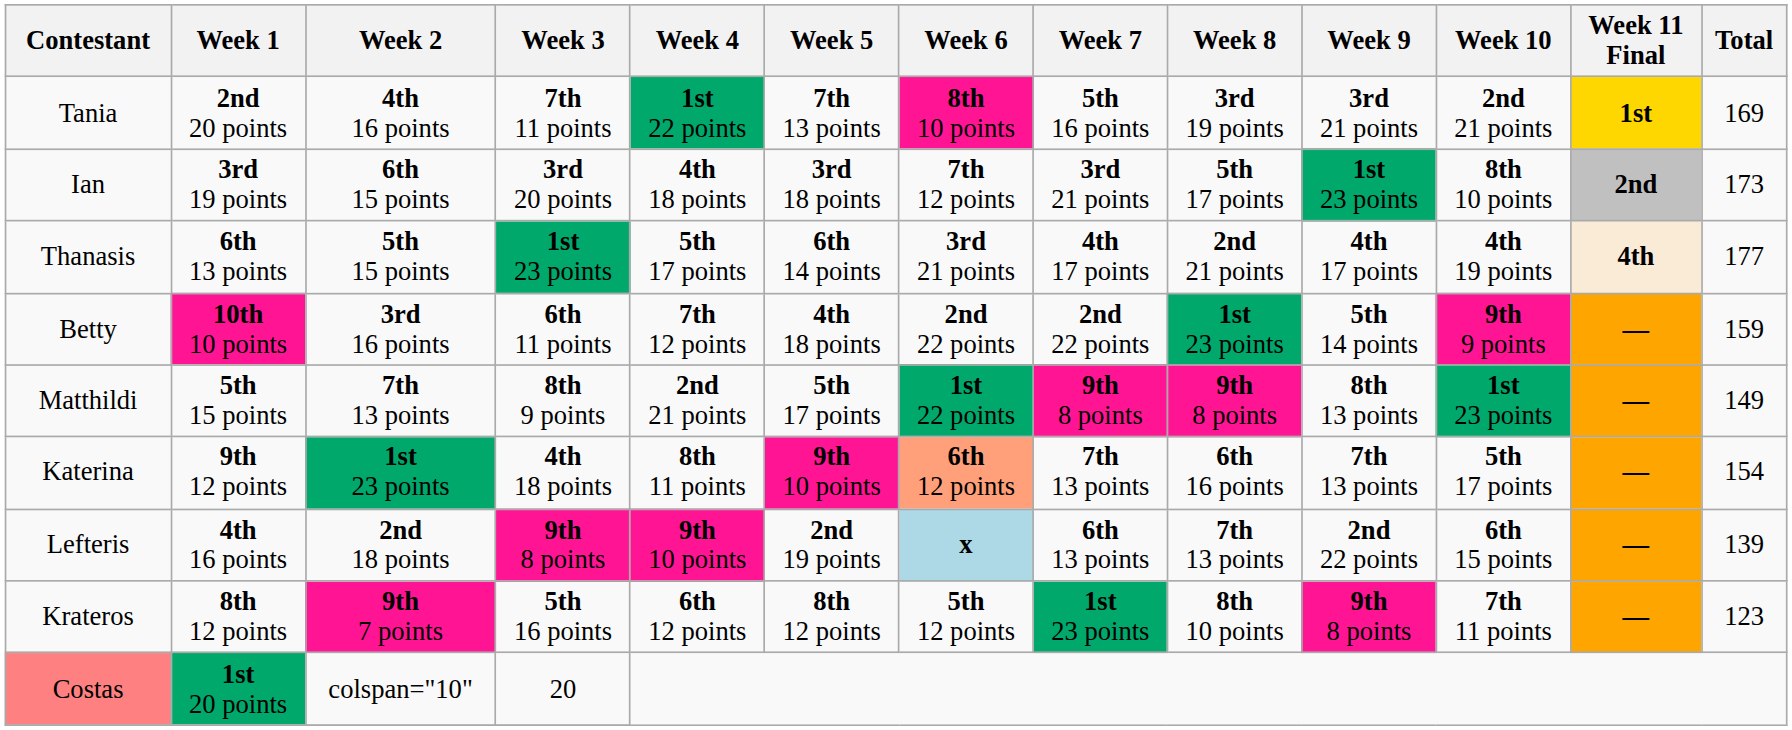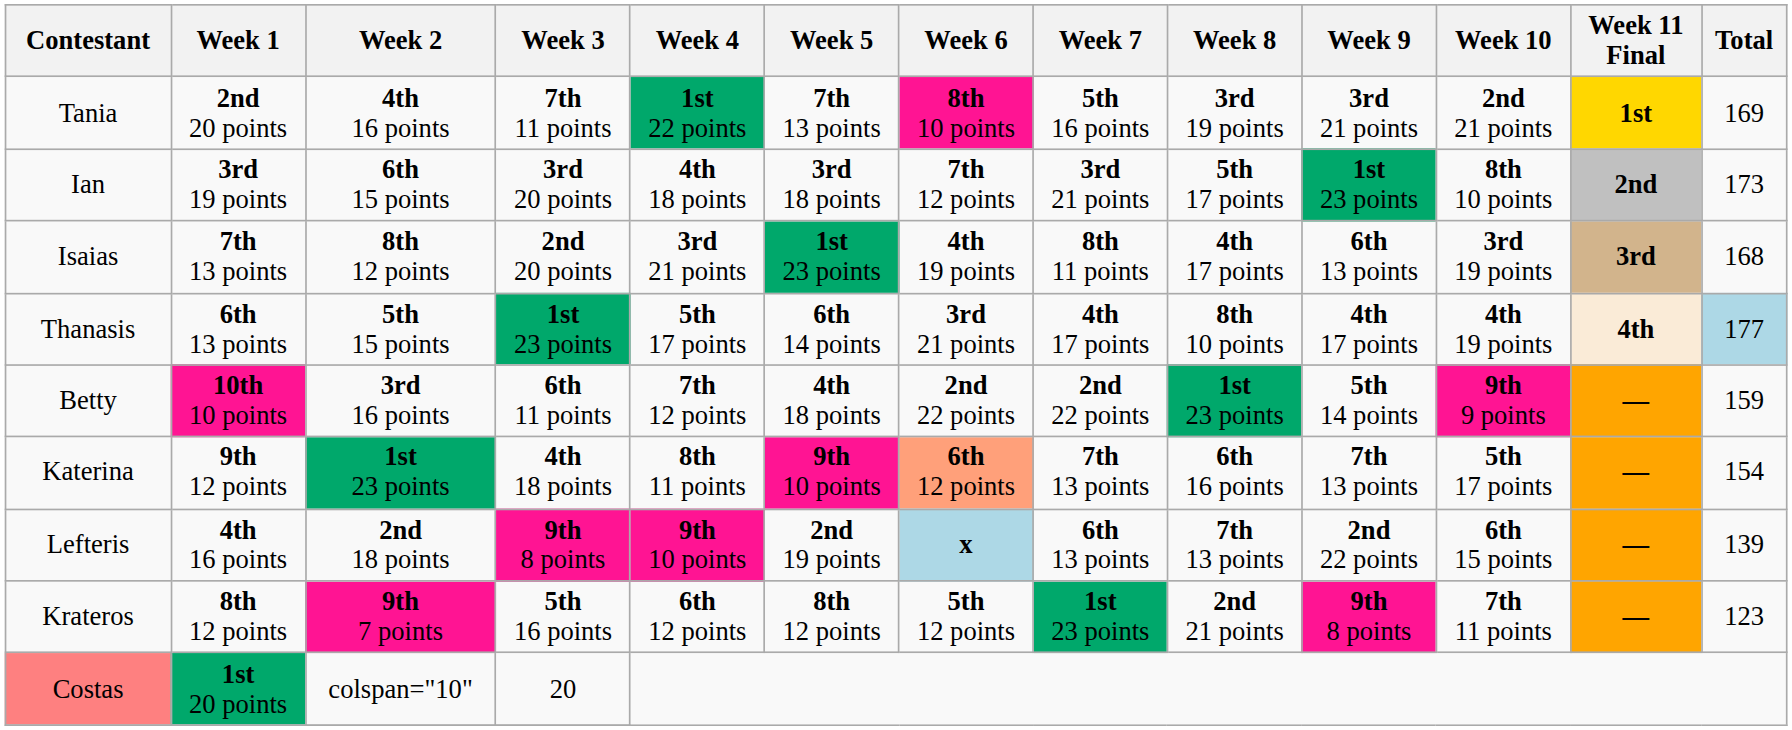 <table class="sortable wikitable" style="margin:auto; text-align:center; white-space:nowrap; width:85%;">
 <tr>
 <th>Contestant</th>
 <th>Week 1</th>
 <th>Week 2</th>
 <th>Week 3</th>
 <th>Week 4</th>
 <th>Week 5</th>
 <th>Week 6</th>
 <th>Week 7</th>
 <th>Week 8</th>
 <th>Week 9</th>
 <th>Week 10</th>
 <th>Week 11<br>Final</th>
 <th>Total</th>
 </tr>
 <tr>
 <td>Tania</td>
 <td><strong>2nd</strong><br>20 points</td>
 <td><strong>4th</strong><br> 16 points</td>
 <td><strong>7th</strong><br> 11 points</td>
 <td bgcolor="#00A86B"><strong>1st</strong><br>22 points</td>
 <td><strong>7th</strong><br> 13 points</td>
 <td bgcolor="deeppink"><strong>8th</strong><br>10 points</td>
 <td><strong>5th</strong><br>16 points</td>
 <td><strong>3rd</strong><br>19 points</td>
 <td><strong>3rd</strong> <br>21 points</td>
 <td><strong>2nd</strong> <br>  21 points</td>
 <td bgcolor="#ffd700"><strong>1st</strong> <br></td>
 <td>169</td>
 </tr>
 <tr>
 <td>Ian</td>
 <td><strong>3rd</strong><br>19 points</td>
 <td><strong>6th</strong> <br>15 points</td>
 <td><strong>3rd</strong><br> 20 points</td>
 <td><strong>4th</strong><br> 18 points</td>
 <td><strong>3rd</strong><br> 18 points</td>
 <td><strong>7th</strong><br>12 points</td>
 <td><strong>3rd</strong><br>21 points</td>
 <td><strong>5th</strong><br>17 points</td>
 <td Bgcolor="00A86B"><strong>1st</strong><br>23 points</td>
 <td><strong>8th</strong> <br>  10 points</td>
 <td bgcolor="#C0C0C0"><strong>2nd</strong> <br></td>
 <td>173</td>
 </tr>
 <tr>
+<td>Isaias</td>
+<td><strong>7th</strong><br>13 points</td>
+<td><strong>8th</strong><br>12 points</td>
+<td><strong>2nd</strong><br>20 points</td>
+<td><strong>3rd</strong><br>21 points</td>
+<td bgcolor="#00A86B"><strong>1st</strong><br>23 points</td>
+<td><strong>4th</strong> <br>19 points</td>
+<td><strong>8th</strong><br>11 points</td>
+<td><strong>4th</strong><br>17 points</td>
+<td><strong>6th</strong> <br>13 points</td>
+<td><strong>3rd</strong> <br>  19 points</td>
+<td bgcolor="#d2b48c"><strong>3rd</strong> <br></td>
+<td>168</td>
+</tr>
+<tr>
 <td>Thanasis</td>
 <td><strong>6th</strong><br>13 points</td>
 <td><strong>5th</strong><br> 15 points</td>
 <td Bgcolor="00A86B"><strong>1st</strong> <br> 23 points</td>
 <td><strong>5th</strong><br> 17 points</td>
 <td><strong>6th</strong><br> 14 points</td>
 <td><strong>3rd</strong> <br>21 points</td>
 <td><strong>4th</strong><br>17 points</td>
-<td><strong>2nd</strong><br>21 points</td>
+<td><strong>8th</strong><br>10 points</td>
 <td><strong>4th</strong> <br>17 points</td>
 <td><strong>4th</strong> <br> 19 points</td>
 <td bgcolor=antiquewhite><strong>4th</strong></td>
-<td>177</td>
+<td style="background: lightblue;">177</td>
 </tr>
 <tr>
 <td>Betty</td>
 <td bgcolor="deeppink"><strong>10th</strong><br>10 points</td>
 <td><strong>3rd</strong><br> 16 points</td>
 <td><strong>6th</strong><br> 11 points</td>
 <td><strong>7th</strong><br> 12 points</td>
 <td><strong>4th</strong><br> 18 points</td>
 <td><strong>2nd</strong> <br>22 points</td>
 <td><strong>2nd</strong><br>22 points</td>
 <td bgcolor="00A86B"><strong>1st</strong><br>23 points</td>
 <td><strong>5th</strong> <br>14 points</td>
 <td Bgcolor="deeppink"><strong>9th</strong> <br>  9 points</td>
 <td data-sort-value="5" bgcolor="orange"><strong>—</strong></td>
 <td>159</td>
-</tr>
-<tr>
-<td>Matthildi</td>
-<td><strong>5th</strong><br>15 points</td>
-<td><strong>7th</strong><br>13 points</td>
-<td><strong>8th</strong><br>9 points</td>
-<td><strong>2nd</strong><br>21 points</td>
-<td><strong>5th</strong><br>17 points</td>
-<td bgcolor="#00A86B"><strong>1st</strong><br>22 points</td>
-<td Bgcolor="deeppink"><strong>9th</strong><br>8 points</td>
-<td bgcolor="deeppink"><strong>9th</strong><br>8 points</td>
-<td><strong>8th</strong> <br>13 points</td>
-<td bgcolor="00A86B"><strong>1st</strong> <br>  23 points</td>
-<td data-sort-value="5" bgcolor="orange"><strong>—</strong></td>
-<td>149</td>
 </tr>
 <tr>
 <td>Katerina</td>
 <td><strong>9th</strong><br>12 points</td>
 <td Bgcolor="00A86B"><strong>1st</strong><br>23 points</td>
 <td><strong>4th</strong><br> 18 points</td>
 <td><strong>8th</strong><br> 11 points</td>
 <td bgcolor="deeppink"><strong>9th</strong><br> 10 points</td>
 <td style="background: lightsalmon;"><strong>6th</strong> <br>12 points</td>
 <td><strong>7th</strong><br>13 points</td>
 <td><strong>6th</strong><br>16 points</td>
 <td><strong>7th</strong> <br>13 points</td>
 <td><strong>5th</strong> <br>17 points</td>
 <td data-sort-value="5" bgcolor="orange"><strong>—</strong></td>
 <td>154</td>
 </tr>
 <tr>
 <td>Lefteris</td>
 <td><strong>4th</strong><br>16 points</td>
 <td><strong>2nd</strong><br> 18 points</td>
 <td bgcolor="deeppink"><strong>9th</strong><br> 8 points</td>
 <td bgcolor="deeppink"><strong>9th</strong><br>10 points</td>
 <td><strong>2nd</strong><br> 19 points</td>
 <td bgcolor="lightblue"><strong>x</strong></td>
 <td><strong>6th</strong><br>13 points</td>
 <td><strong>7th</strong><br>13 points</td>
 <td><strong>2nd</strong> <br>22 points</td>
 <td><strong>6th</strong> <br> 15 points</td>
 <td data-sort-value="5" bgcolor="orange"><strong>—</strong></td>
 <td>139</td>
 </tr>
 <tr>
 <td>Krateros</td>
 <td><strong>8th</strong><br>12 points</td>
 <td bgcolor="deeppink"><strong>9th</strong><br> 7 points</td>
 <td><strong>5th</strong> <br> 16 points</td>
 <td><strong>6th</strong> <br> 12 points</td>
 <td><strong>8th</strong><br> 12 points</td>
 <td><strong>5th</strong> <br>12 points</td>
 <td Bgcolor="00A86B"><strong>1st</strong><br>23 points</td>
-<td><strong>8th</strong><br>10 points</td>
+<td><strong>2nd</strong><br>21 points</td>
 <td bgcolor="deeppink"><strong>9th</strong><br> 8 points</td>
 <td><strong>7th</strong> <br> 11 points</td>
 <td data-sort-value="5" bgcolor="orange"><strong>—</strong></td>
 <td>123</td>
 </tr>
 <tr>
 <td style="background:#FE8080;">Costas</td>
 <td bgcolor="#00A86B"><strong>1st</strong><br>20 points</td>
 <td>colspan="10" </td>
 <td>20</td>
 </tr>
 <tr>
 </tr>
 </table>
